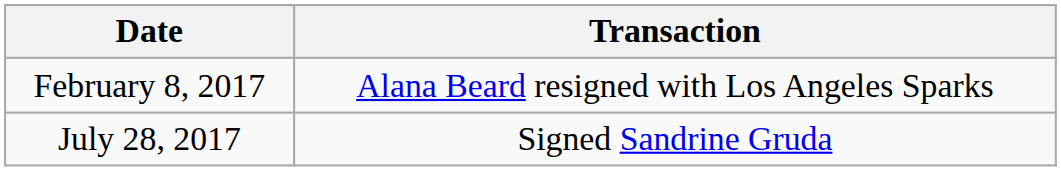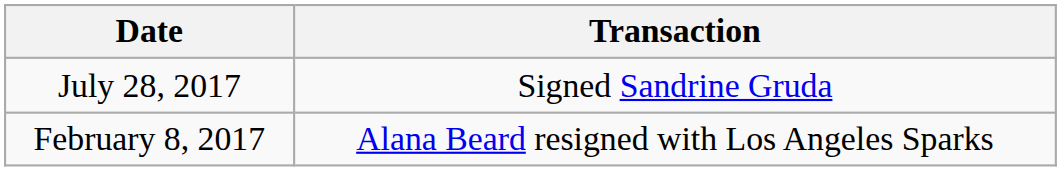 <table class="wikitable" style="width:80%; text-align: center">
 <tr>
 <th>Date</th>
 <th>Transaction</th>
 </tr>
 <tr>
+<td>July 28, 2017</td>
+<td>Signed <a href='#'>Sandrine Gruda</a></td>
+</tr>
+<tr>
 <td>February 8, 2017</td>
 <td><a href='#'>Alana Beard</a> resigned with Los Angeles Sparks </td>
 </tr>
-<tr>
-<td>July 28, 2017</td>
-<td>Signed <a href='#'>Sandrine Gruda</a></td>
-</tr>
 </table>
